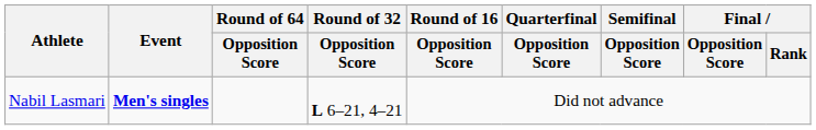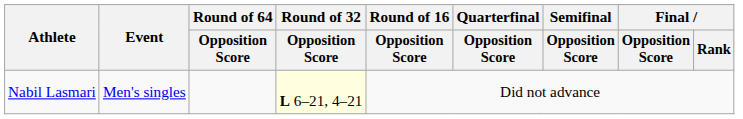 <table class=wikitable style="font-size:90%">
 <tr>
 <th rowspan="2">Athlete</th>
 <th rowspan="2">Event</th>
 <th>Round of 64</th>
 <th>Round of 32</th>
 <th>Round of 16</th>
 <th>Quarterfinal</th>
 <th>Semifinal</th>
 <th colspan=2>Final / </th>
 </tr>
 <tr style="font-size:95%">
 <th>Opposition<br>Score</th>
 <th>Opposition<br>Score</th>
 <th>Opposition<br>Score</th>
 <th>Opposition<br>Score</th>
 <th>Opposition<br>Score</th>
 <th>Opposition<br>Score</th>
 <th>Rank</th>
 </tr>
 <tr align=center>
 <td align=left><a href='#'>Nabil Lasmari</a></td>
-<td align=left><strong><a href='#'>Men's singles</a></strong></td>
+<td align=left><a href='#'>Men's singles</a></td>
 <td></td>
-<td><br><strong>L</strong> 6–21, 4–21</td>
+<td style="background: lightyellow;"><br><strong>L</strong> 6–21, 4–21</td>
 <td colspan=5>Did not advance</td>
 </tr>
 </table>
